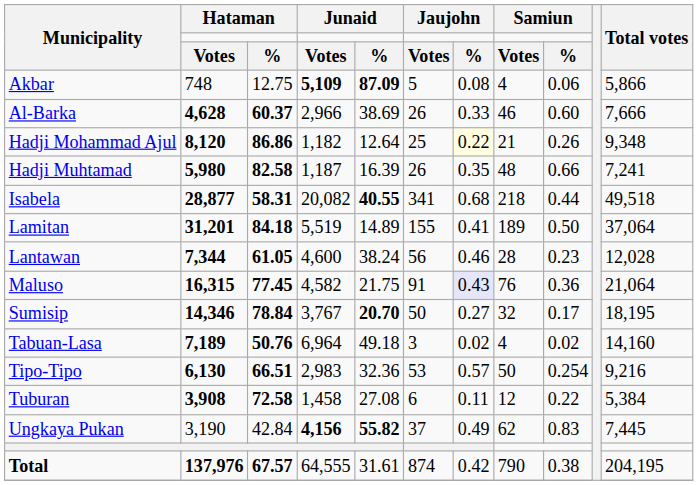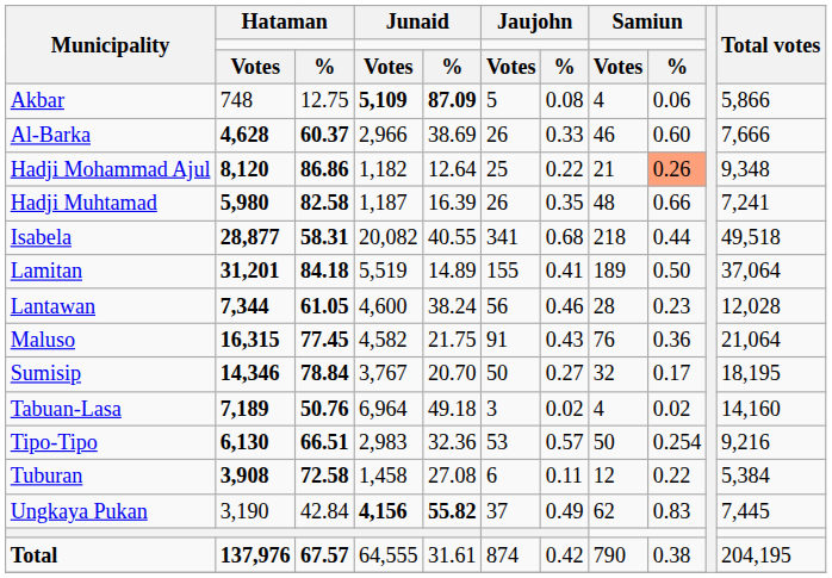 <table class="wikitable" style="text-align=center">
 <tr>
 <th rowspan="3">Municipality</th>
 <th colspan="2">Hataman</th>
 <th colspan="2">Junaid</th>
 <th colspan="2">Jaujohn</th>
 <th colspan="2">Samiun</th>
 <th rowspan="20"></th>
 <th colspan="3" rowspan="3">Total votes</th>
 </tr>
 <tr>
 <td colspan="2" style="background:"></td>
 <td colspan="2" style="background:"></td>
 <td colspan="2" style="background:"></td>
 <td colspan="2" style="background:"></td>
 </tr>
 <tr>
 <th>Votes</th>
 <th>%</th>
 <th>Votes</th>
 <th>%</th>
 <th>Votes</th>
 <th>%</th>
 <th>Votes</th>
 <th>%</th>
 </tr>
 <tr>
 <td align="left"><a href='#'>Akbar</a></td>
 <td>748</td>
 <td>12.75</td>
 <td style="background:"><strong>5,109</strong></td>
 <td style="background:"><strong>87.09</strong></td>
 <td>5</td>
 <td>0.08</td>
 <td>4</td>
 <td>0.06</td>
 <td>5,866</td>
 </tr>
 <tr>
 <td align="left"><a href='#'>Al-Barka</a></td>
 <td style="background:"><strong>4,628</strong></td>
 <td style="background:"><strong>60.37</strong></td>
 <td>2,966</td>
 <td>38.69</td>
 <td>26</td>
 <td>0.33</td>
 <td>46</td>
 <td>0.60</td>
 <td>7,666</td>
 </tr>
 <tr>
 <td align="left"><a href='#'>Hadji Mohammad Ajul</a></td>
 <td style="background:"><strong>8,120</strong></td>
 <td style="background:"><strong>86.86</strong></td>
 <td>1,182</td>
 <td>12.64</td>
 <td>25</td>
-<td style="background: lightyellow;">0.22</td>
+<td>0.22</td>
 <td>21</td>
-<td>0.26</td>
+<td style="background: lightsalmon;">0.26</td>
 <td>9,348</td>
 </tr>
 <tr>
 <td align="left"><a href='#'>Hadji Muhtamad</a></td>
 <td style="background:"><strong>5,980</strong></td>
 <td style="background:"><strong>82.58</strong></td>
 <td>1,187</td>
 <td>16.39</td>
 <td>26</td>
 <td>0.35</td>
 <td>48</td>
 <td>0.66</td>
 <td>7,241</td>
 </tr>
 <tr>
 <td align="left"><a href='#'>Isabela</a></td>
 <td style="background:"><strong>28,877</strong></td>
 <td style="background:"><strong>58.31</strong></td>
 <td>20,082</td>
-<td><strong>40.55</strong></td>
+<td>40.55</td>
 <td>341</td>
 <td>0.68</td>
 <td>218</td>
 <td>0.44</td>
 <td>49,518</td>
 </tr>
 <tr>
 <td align="left"><a href='#'>Lamitan</a></td>
 <td style="background:"><strong>31,201</strong></td>
 <td style="background:"><strong>84.18</strong></td>
 <td>5,519</td>
 <td>14.89</td>
 <td>155</td>
 <td>0.41</td>
 <td>189</td>
 <td>0.50</td>
 <td>37,064</td>
 </tr>
 <tr>
 <td align="left"><a href='#'>Lantawan</a></td>
 <td style="background:"><strong>7,344</strong></td>
 <td style="background:"><strong>61.05</strong></td>
 <td>4,600</td>
 <td>38.24</td>
 <td>56</td>
 <td>0.46</td>
 <td>28</td>
 <td>0.23</td>
 <td>12,028</td>
 </tr>
 <tr>
 <td align="left"><a href='#'>Maluso</a></td>
 <td style="background:"><strong>16,315</strong></td>
 <td style="background:"><strong>77.45</strong></td>
 <td>4,582</td>
 <td>21.75</td>
 <td>91</td>
-<td style="background: lavender;">0.43</td>
+<td>0.43</td>
 <td>76</td>
 <td>0.36</td>
 <td>21,064</td>
 </tr>
 <tr>
 <td align="left"><a href='#'>Sumisip</a></td>
 <td style="background:"><strong>14,346</strong></td>
 <td style="background:"><strong>78.84</strong></td>
 <td>3,767</td>
-<td><strong>20.70</strong></td>
+<td>20.70</td>
 <td>50</td>
 <td>0.27</td>
 <td>32</td>
 <td>0.17</td>
 <td>18,195</td>
 </tr>
 <tr>
 <td align="left"><a href='#'>Tabuan-Lasa</a></td>
 <td style="background:"><strong>7,189</strong></td>
 <td style="background:"><strong>50.76</strong></td>
 <td>6,964</td>
 <td>49.18</td>
 <td>3</td>
 <td>0.02</td>
 <td>4</td>
 <td>0.02</td>
 <td>14,160</td>
 </tr>
 <tr>
 <td align="left"><a href='#'>Tipo-Tipo</a></td>
 <td style="background:"><strong>6,130</strong></td>
 <td style="background:"><strong>66.51</strong></td>
 <td>2,983</td>
 <td>32.36</td>
 <td>53</td>
 <td>0.57</td>
 <td>50</td>
 <td>0.254</td>
 <td>9,216</td>
 </tr>
 <tr>
 <td align="left"><a href='#'>Tuburan</a></td>
 <td style="background:"><strong>3,908</strong></td>
 <td style="background:"><strong>72.58</strong></td>
 <td>1,458</td>
 <td>27.08</td>
 <td>6</td>
 <td>0.11</td>
 <td>12</td>
 <td>0.22</td>
 <td>5,384</td>
 </tr>
 <tr>
 <td align="left"><a href='#'>Ungkaya Pukan</a></td>
 <td>3,190</td>
 <td>42.84</td>
 <td style="background:"><strong>4,156</strong></td>
 <td style="background:"><strong>55.82</strong></td>
 <td>37</td>
 <td>0.49</td>
 <td>62</td>
 <td>0.83</td>
 <td>7,445</td>
 </tr>
 <tr>
 <th colspan="5"></th>
 <th colspan="2"></th>
 </tr>
 <tr>
 <td align="left"><strong>Total</strong></td>
 <td style="background:"><strong>137,976</strong></td>
 <td style="background:"><strong>67.57</strong></td>
 <td>64,555</td>
 <td>31.61</td>
 <td>874</td>
 <td>0.42</td>
 <td>790</td>
 <td>0.38</td>
 <td>204,195</td>
 </tr>
 <tr>
 </tr>
 </table>
